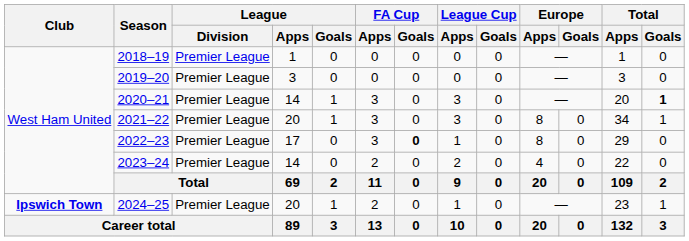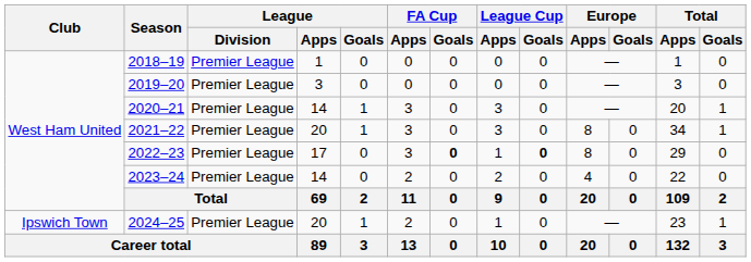 <table class=wikitable style=text-align:center>
 <tr>
 <th rowspan=2>Club</th>
 <th rowspan=2>Season</th>
 <th colspan=3>League</th>
 <th colspan=2><a href='#'>FA Cup</a></th>
 <th colspan=2><a href='#'>League Cup</a></th>
 <th colspan=2>Europe</th>
 <th colspan=2>Total</th>
 </tr>
 <tr>
 <th>Division</th>
 <th>Apps</th>
 <th>Goals</th>
 <th>Apps</th>
 <th>Goals</th>
 <th>Apps</th>
 <th>Goals</th>
 <th>Apps</th>
 <th>Goals</th>
 <th>Apps</th>
 <th>Goals</th>
 </tr>
 <tr>
 <td rowspan=7><a href='#'>West Ham United</a></td>
 <td><a href='#'>2018–19</a></td>
 <td><a href='#'>Premier League</a></td>
 <td>1</td>
 <td>0</td>
 <td>0</td>
 <td>0</td>
 <td>0</td>
 <td>0</td>
 <td colspan=2>—</td>
 <td>1</td>
 <td>0</td>
 </tr>
 <tr>
 <td><a href='#'>2019–20</a></td>
 <td>Premier League</td>
 <td>3</td>
 <td>0</td>
 <td>0</td>
 <td>0</td>
 <td>0</td>
 <td>0</td>
 <td colspan=2>—</td>
 <td>3</td>
 <td>0</td>
 </tr>
 <tr>
 <td><a href='#'>2020–21</a></td>
 <td>Premier League</td>
 <td>14</td>
 <td>1</td>
 <td>3</td>
 <td>0</td>
 <td>3</td>
 <td>0</td>
 <td colspan=2>—</td>
 <td>20</td>
-<td><strong>1</strong></td>
+<td>1</td>
 </tr>
 <tr>
 <td><a href='#'>2021–22</a></td>
 <td>Premier League</td>
 <td>20</td>
 <td>1</td>
 <td>3</td>
 <td>0</td>
 <td>3</td>
 <td>0</td>
 <td>8</td>
 <td>0</td>
 <td>34</td>
 <td>1</td>
 </tr>
 <tr>
 <td><a href='#'>2022–23</a></td>
 <td>Premier League</td>
 <td>17</td>
 <td>0</td>
 <td>3</td>
 <td><strong>0</strong></td>
 <td>1</td>
-<td>0</td>
+<td><strong>0</strong></td>
 <td>8</td>
 <td>0</td>
 <td>29</td>
 <td>0</td>
 </tr>
 <tr>
 <td><a href='#'>2023–24</a></td>
 <td>Premier League</td>
 <td>14</td>
 <td>0</td>
 <td>2</td>
 <td>0</td>
 <td>2</td>
 <td>0</td>
 <td>4</td>
 <td>0</td>
 <td>22</td>
 <td>0</td>
 </tr>
 <tr>
 <th colspan=2>Total</th>
 <th>69</th>
 <th>2</th>
 <th>11</th>
 <th>0</th>
 <th>9</th>
 <th>0</th>
 <th>20</th>
 <th>0</th>
 <th>109</th>
 <th>2</th>
 </tr>
 <tr>
-<td rowspan=q><strong><a href='#'>Ipswich Town</a></strong></td>
+<td rowspan=q><a href='#'>Ipswich Town</a></td>
 <td><a href='#'>2024–25</a></td>
 <td>Premier League</td>
 <td>20</td>
 <td>1</td>
 <td>2</td>
 <td>0</td>
 <td>1</td>
 <td>0</td>
 <td colspan=2>—</td>
 <td>23</td>
 <td>1</td>
 </tr>
 <tr>
 <th colspan=3>Career total</th>
 <th>89</th>
 <th>3</th>
 <th>13</th>
 <th>0</th>
 <th>10</th>
 <th>0</th>
 <th>20</th>
 <th>0</th>
 <th>132</th>
 <th>3</th>
 </tr>
 </table>
